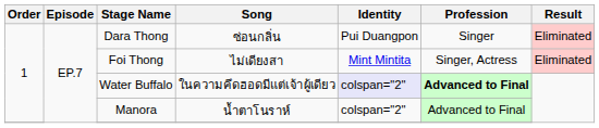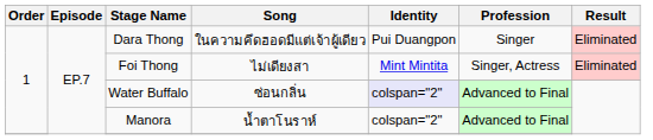 <table class="wikitable">
 <tr>
 <th>Order</th>
 <th>Episode</th>
 <th>Stage Name</th>
 <th>Song</th>
 <th>Identity</th>
 <th>Profession</th>
 <th>Result</th>
 </tr>
 <tr>
 <td rowspan="4" style="text-align:center;">1</td>
 <td rowspan="6" align="center">EP.7</td>
 <td style="text-align:center;">Dara Thong</td>
-<td style="text-align:center;">ซ่อนกลิ่น</td>
+<td style="text-align:center;">ในความคึดฮอดมีแต่เจ้าผู้เดียว</td>
 <td style="text-align:center;">Pui Duangpon</td>
 <td style="text-align:center;">Singer</td>
 <td style="text-align:center; background:#ffcccc;">Eliminated</td>
 </tr>
 <tr>
 <td style="text-align:center;">Foi Thong</td>
 <td style="text-align:center;">ไม่เดียงสา</td>
 <td style="text-align:center;"><a href='#'>Mint Mintita</a></td>
 <td style="text-align:center;">Singer, Actress</td>
 <td style="text-align:center; background:#ffcccc;">Eliminated</td>
 </tr>
 <tr>
 <td style="text-align:center;">Water Buffalo</td>
-<td style="text-align:center;">ในความคึดฮอดมีแต่เจ้าผู้เดียว</td>
+<td style="text-align:center;">ซ่อนกลิ่น</td>
 <td style="background: lavender;">colspan="2"  </td>
-<td style="text-align:center; background:#ccffcc;"><strong>Advanced to Final</strong></td>
+<td style="text-align:center; background:#ccffcc;">Advanced to Final</td>
 </tr>
 <tr>
 <td style="text-align:center;">Manora</td>
 <td style="text-align:center;">น้ำตาโนราห์</td>
 <td>colspan="2"  </td>
 <td style="text-align:center; background:#ccffcc;">Advanced to Final</td>
 </tr>
 <tr>
 </tr>
 </table>
